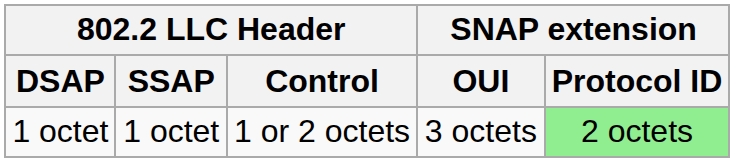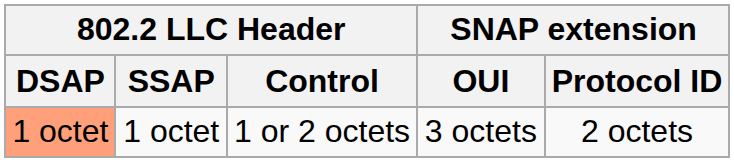 <table class="wikitable">
 <tr>
 <th colspan="3">802.2 LLC Header</th>
 <th colspan="2">SNAP extension</th>
 </tr>
 <tr>
 <th>DSAP</th>
 <th>SSAP</th>
 <th>Control</th>
 <th>OUI</th>
 <th>Protocol ID</th>
 </tr>
 <tr>
-<td>1 octet</td>
+<td style="background: lightsalmon;">1 octet</td>
 <td>1 octet</td>
 <td>1 or 2 octets</td>
 <td>3 octets</td>
-<td style="background: lightgreen; text-align:center;">2 octets</td>
+<td style="text-align:center;">2 octets</td>
 </tr>
 </table>
